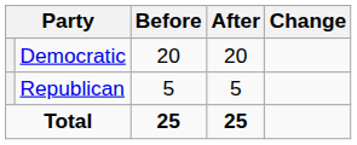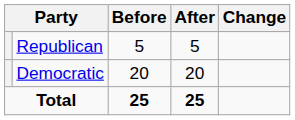 <table class="wikitable" style="text-align:center;">
 <tr>
 <th colspan="2">Party</th>
 <th>Before</th>
 <th>After</th>
 <th>Change</th>
 </tr>
 <tr>
 <th style="background-color:"></th>
-<td style="text-align:left;"><a href='#'>Democratic</a></td>
-<td>20</td>
-<td>20</td>
+<td style="text-align:left;"><a href='#'>Republican</a></td>
+<td>5</td>
+<td>5</td>
 <td></td>
 </tr>
 <tr>
 <th style="background-color:"></th>
-<td style="text-align:left;"><a href='#'>Republican</a></td>
-<td>5</td>
-<td>5</td>
+<td style="text-align:left;"><a href='#'>Democratic</a></td>
+<td>20</td>
+<td>20</td>
 <td></td>
 </tr>
 <tr>
 <td colspan="2"><strong>Total</strong></td>
 <td><strong>25</strong></td>
 <td><strong>25</strong></td>
 <td></td>
 </tr>
 </table>
